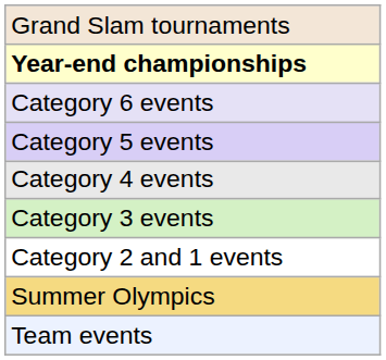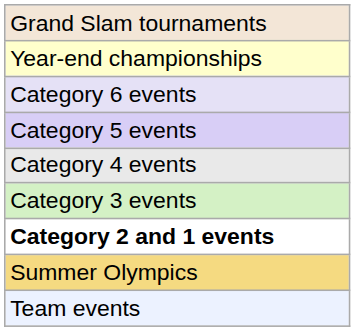 <table class=wikitable style=font-size:92%;width:14%>
 <tr style="background:#F3E6D7;">
 <td>Grand Slam tournaments</td>
 </tr>
 <tr style="background:#ffc;">
-<td><strong>Year-end championships</strong></td>
+<td>Year-end championships</td>
 </tr>
 <tr style="background:#e5e1f6;">
 <td>Category 6 events</td>
 </tr>
 <tr style="background:#d8cef6;">
 <td>Category 5 events</td>
 </tr>
 <tr style="background:#E9E9E9;">
 <td>Category 4 events</td>
 </tr>
 <tr style="background:#D4F1C5;">
 <td>Category 3 events</td>
 </tr>
 <tr style="background:#fff;">
-<td>Category 2 and 1 events</td>
+<td><strong>Category 2 and 1 events</strong></td>
 </tr>
 <tr style="background:#f5da81;">
 <td>Summer Olympics</td>
 </tr>
 <tr bgcolor="#ECF2FF">
 <td>Team events</td>
 </tr>
 </table>
